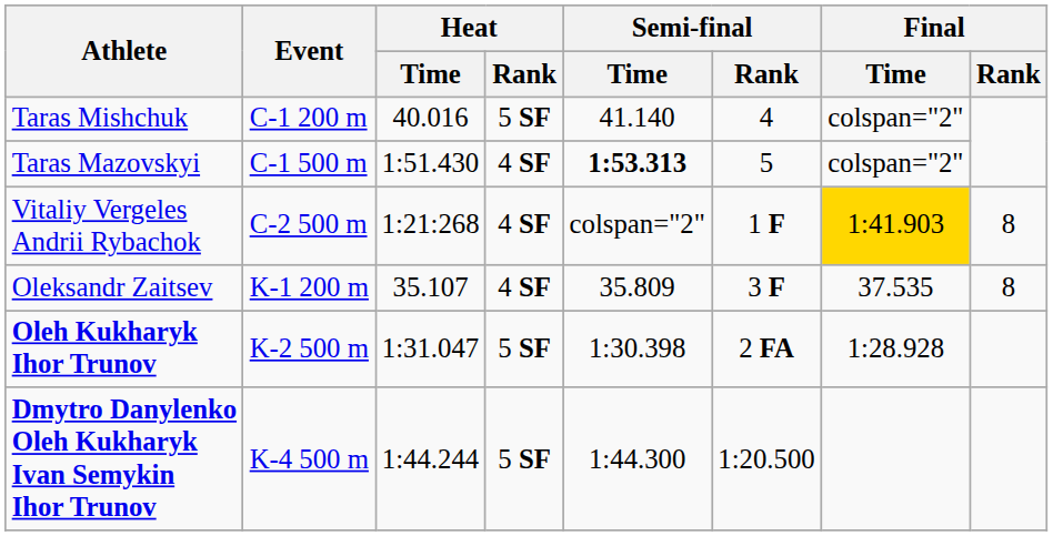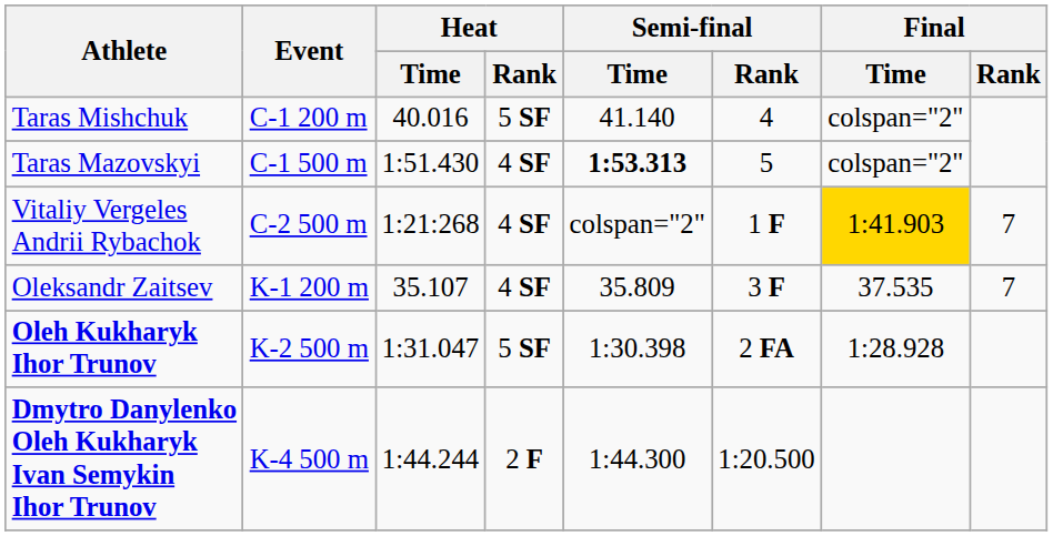 <table class="wikitable" style="text-align: center; font-size:90%">
 <tr>
 <th rowspan="2">Athlete</th>
 <th rowspan="2">Event</th>
 <th colspan="2">Heat</th>
 <th colspan="2">Semi-final</th>
 <th colspan="2">Final</th>
 </tr>
 <tr>
 <th>Time</th>
 <th>Rank</th>
 <th>Time</th>
 <th>Rank</th>
 <th>Time</th>
 <th>Rank</th>
 </tr>
 <tr>
 <td align="left"><a href='#'>Taras Mishchuk</a></td>
 <td align="left"><a href='#'>C-1 200 m</a></td>
 <td>40.016</td>
 <td>5 <strong>SF</strong></td>
 <td>41.140</td>
 <td>4</td>
 <td>colspan="2" </td>
 </tr>
 <tr>
 <td align="left"><a href='#'>Taras Mazovskyi</a></td>
 <td align="left"><a href='#'>C-1 500 m</a></td>
 <td>1:51.430</td>
 <td>4 <strong>SF</strong></td>
 <td><strong>1:53.313</strong></td>
 <td>5</td>
 <td>colspan="2" </td>
 </tr>
 <tr>
 <td align="left"><a href='#'>Vitaliy Vergeles</a><br><a href='#'>Andrii Rybachok</a></td>
 <td align="left"><a href='#'>C-2 500 m</a></td>
 <td>1:21:268</td>
 <td>4 <strong>SF</strong></td>
 <td>colspan="2" </td>
 <td>1 <strong>F</strong></td>
 <td style="background: gold;">1:41.903</td>
-<td>8</td>
+<td>7</td>
 </tr>
 <tr>
 <td align="left"><a href='#'>Oleksandr Zaitsev</a></td>
 <td align="left"><a href='#'>K-1 200 m</a></td>
 <td>35.107</td>
 <td>4 <strong>SF</strong></td>
 <td>35.809</td>
 <td>3 <strong>F</strong></td>
 <td>37.535</td>
-<td>8</td>
+<td>7</td>
 </tr>
 <tr>
 <td align="left"><strong><a href='#'>Oleh Kukharyk</a><br><a href='#'>Ihor Trunov</a></strong></td>
 <td align="left"><a href='#'>K-2 500 m</a></td>
 <td>1:31.047</td>
 <td>5 <strong>SF</strong></td>
 <td>1:30.398</td>
 <td>2 <strong>FA</strong></td>
 <td>1:28.928</td>
 <td></td>
 </tr>
 <tr>
 <td align="left"><strong><a href='#'>Dmytro Danylenko</a><br><a href='#'>Oleh Kukharyk</a><br><a href='#'>Ivan Semykin</a><br><a href='#'>Ihor Trunov</a></strong></td>
 <td align="left"><a href='#'>K-4 500 m</a></td>
 <td>1:44.244</td>
-<td>5 <strong>SF</strong></td>
+<td>2 <strong>F</strong></td>
 <td>1:44.300</td>
 <td>1:20.500</td>
 <td></td>
 </tr>
 </table>
